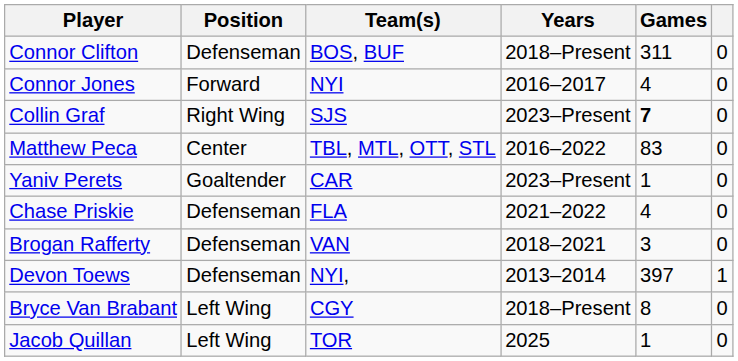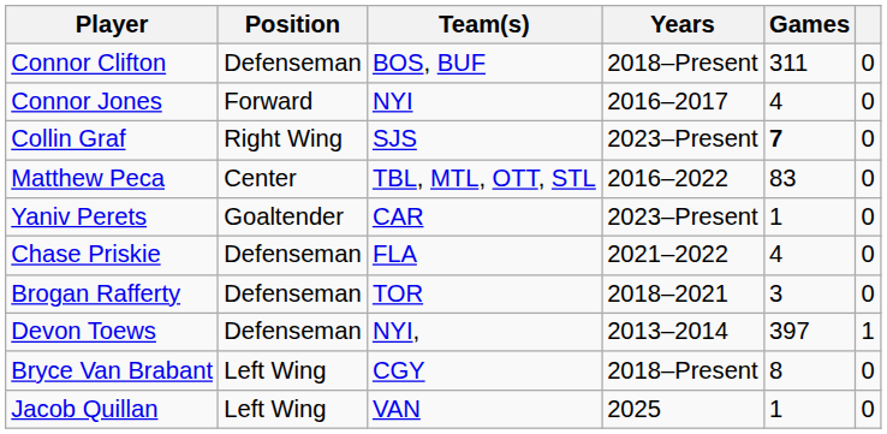 <table class="wikitable sortable">
 <tr>
 <th>Player</th>
 <th>Position</th>
 <th>Team(s)</th>
 <th>Years</th>
 <th>Games</th>
 <th><a href='#'></a></th>
 </tr>
 <tr>
 <td><a href='#'>Connor Clifton</a></td>
 <td>Defenseman</td>
 <td><a href='#'>BOS</a>, <a href='#'>BUF</a></td>
 <td>2018–Present</td>
 <td>311</td>
 <td>0</td>
 </tr>
 <tr>
 <td><a href='#'>Connor Jones</a></td>
 <td>Forward</td>
 <td><a href='#'>NYI</a></td>
 <td>2016–2017</td>
 <td>4</td>
 <td>0</td>
 </tr>
 <tr>
 <td><a href='#'>Collin Graf</a></td>
 <td>Right Wing</td>
 <td><a href='#'>SJS</a></td>
 <td>2023–Present</td>
 <td><strong>7</strong></td>
 <td>0</td>
 </tr>
 <tr>
 <td><a href='#'>Matthew Peca</a></td>
 <td>Center</td>
 <td><a href='#'>TBL</a>, <a href='#'>MTL</a>, <a href='#'>OTT</a>, <a href='#'>STL</a></td>
 <td>2016–2022</td>
 <td>83</td>
 <td>0</td>
 </tr>
 <tr>
 <td><a href='#'>Yaniv Perets</a></td>
 <td>Goaltender</td>
 <td><a href='#'>CAR</a></td>
 <td>2023–Present</td>
 <td>1</td>
 <td>0</td>
 </tr>
 <tr>
 <td><a href='#'>Chase Priskie</a></td>
 <td>Defenseman</td>
 <td><a href='#'>FLA</a></td>
 <td>2021–2022</td>
 <td>4</td>
 <td>0</td>
 </tr>
 <tr>
 <td><a href='#'>Brogan Rafferty</a></td>
 <td>Defenseman</td>
-<td><a href='#'>VAN</a></td>
+<td><a href='#'>TOR</a></td>
 <td>2018–2021</td>
 <td>3</td>
 <td>0</td>
 </tr>
 <tr>
 <td><a href='#'>Devon Toews</a></td>
 <td>Defenseman</td>
 <td><a href='#'>NYI</a>, <span><strong></strong></span></td>
 <td>2013–2014</td>
 <td>397</td>
 <td>1</td>
 </tr>
 <tr>
 <td><a href='#'>Bryce Van Brabant</a></td>
 <td>Left Wing</td>
 <td><a href='#'>CGY</a></td>
 <td>2018–Present</td>
 <td>8</td>
 <td>0</td>
 </tr>
 <tr>
 <td><a href='#'>Jacob Quillan</a></td>
 <td>Left Wing</td>
-<td><a href='#'>TOR</a></td>
+<td><a href='#'>VAN</a></td>
 <td>2025</td>
 <td>1</td>
 <td>0</td>
 </tr>
 </table>
